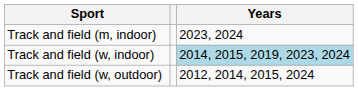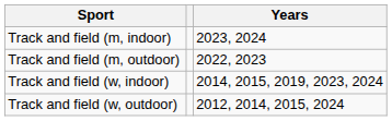 <table class="wikitable sortable"; style= "text-align: ">
 <tr>
 <th width=200px>Sport</th>
 <th width=px></th>
 <th width=px>Years</th>
 </tr>
 <tr>
 <td>Track and field (m, indoor)</td>
 <td></td>
 <td>2023, 2024</td>
 </tr>
 <tr>
+<td>Track and field (m, outdoor)</td>
+<td></td>
+<td>2022, 2023</td>
+</tr>
+<tr>
 <td>Track and field (w, indoor)</td>
 <td></td>
-<td style="background: lightblue;">2014, 2015, 2019, 2023, 2024</td>
+<td>2014, 2015, 2019, 2023, 2024</td>
 </tr>
 <tr>
 <td>Track and field (w, outdoor)</td>
 <td></td>
 <td>2012, 2014, 2015, 2024</td>
 </tr>
 </table>
